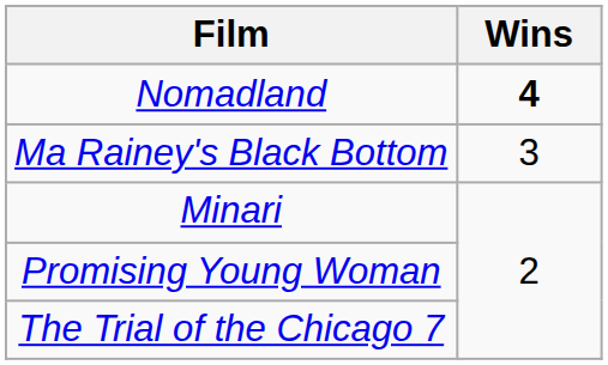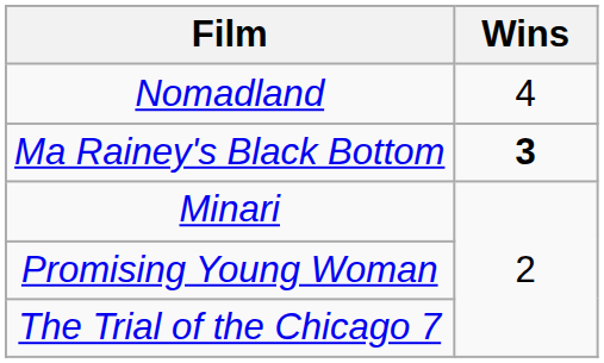 <table class="wikitable" rowspan="2" style="text-align:center;" background: #f6e39c;>
 <tr>
 <th scope="col" style="text-align:center;">Film</th>
 <th scope="col" style="width:55px;">Wins</th>
 </tr>
 <tr>
 <td><em><a href='#'>Nomadland</a></em></td>
-<td style="text-align:center"><strong>4</strong></td>
+<td style="text-align:center">4</td>
 </tr>
 <tr>
 <td><em><a href='#'>Ma Rainey's Black Bottom</a></em></td>
-<td style="text-align:center">3</td>
+<td style="text-align:center"><strong>3</strong></td>
 </tr>
 <tr>
 <td><em><a href='#'>Minari</a></em></td>
 <td rowspan=3 style="text-align:center">2</td>
 </tr>
 <tr>
 <td><em><a href='#'>Promising Young Woman</a></em></td>
 </tr>
 <tr>
 <td><em><a href='#'>The Trial of the Chicago 7</a></em></td>
 </tr>
 </table>
